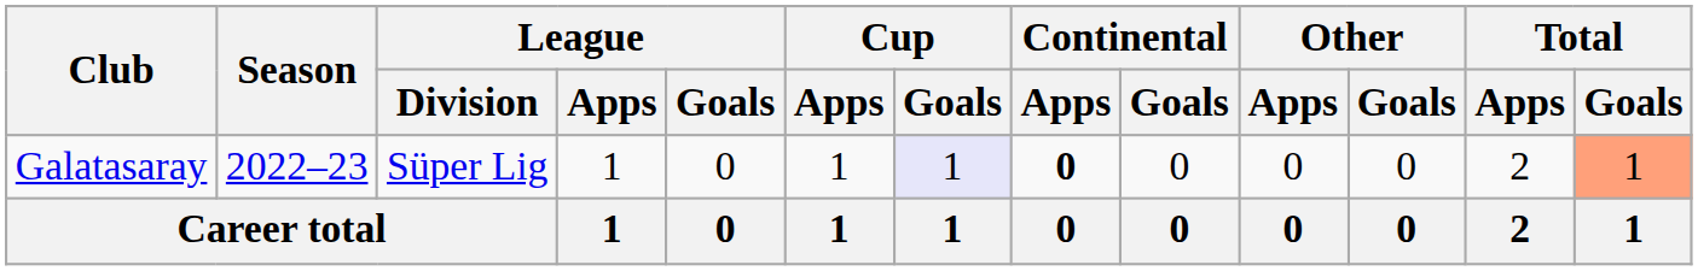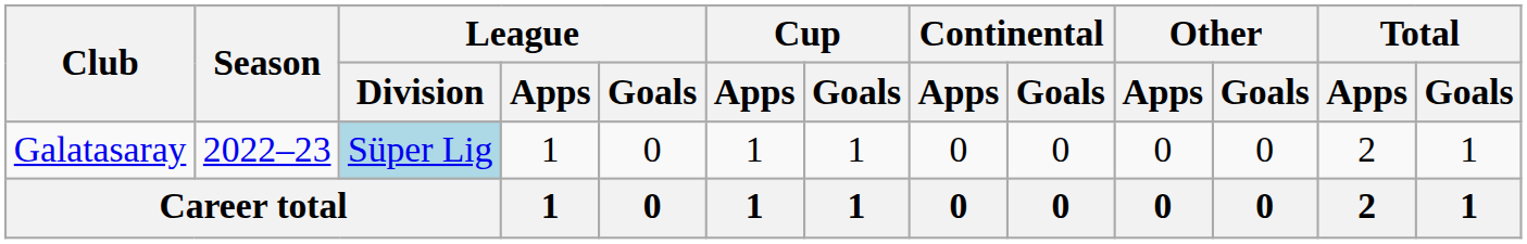 <table class="wikitable" style="text-align:center">
 <tr>
 <th rowspan="2">Club</th>
 <th rowspan="2">Season</th>
 <th colspan="3">League</th>
 <th colspan="2">Cup</th>
 <th colspan="2">Continental</th>
 <th colspan="2">Other</th>
 <th colspan="2">Total</th>
 </tr>
 <tr>
 <th>Division</th>
 <th>Apps</th>
 <th>Goals</th>
 <th>Apps</th>
 <th>Goals</th>
 <th>Apps</th>
 <th>Goals</th>
 <th>Apps</th>
 <th>Goals</th>
 <th>Apps</th>
 <th>Goals</th>
 </tr>
 <tr>
 <td><a href='#'>Galatasaray</a></td>
 <td><a href='#'>2022–23</a></td>
-<td><a href='#'>Süper Lig</a></td>
+<td style="background: lightblue;"><a href='#'>Süper Lig</a></td>
 <td>1</td>
 <td>0</td>
 <td>1</td>
-<td style="background: lavender;">1</td>
-<td><strong>0</strong></td>
+<td>1</td>
+<td>0</td>
 <td>0</td>
 <td>0</td>
 <td>0</td>
 <td>2</td>
-<td style="background: lightsalmon;">1</td>
+<td>1</td>
 </tr>
 <tr>
 <th colspan="3">Career total</th>
 <th>1</th>
 <th>0</th>
 <th>1</th>
 <th>1</th>
 <th>0</th>
 <th>0</th>
 <th>0</th>
 <th>0</th>
 <th>2</th>
 <th>1</th>
 </tr>
 </table>
